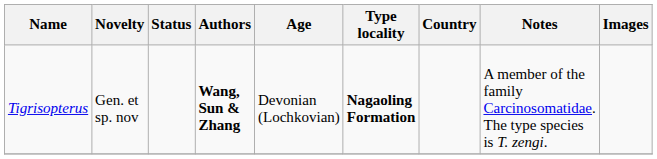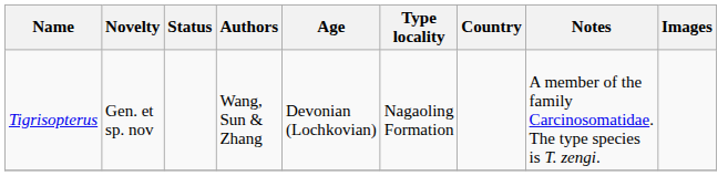 <table class="wikitable sortable" align="center" width="100%">
 <tr>
 <th>Name</th>
 <th>Novelty</th>
 <th>Status</th>
 <th>Authors</th>
 <th>Age</th>
 <th>Type locality</th>
 <th>Country</th>
 <th>Notes</th>
 <th>Images</th>
 </tr>
 <tr>
 <td><br><em><a href='#'>Tigrisopterus</a></em></td>
 <td><br>Gen. et sp. nov</td>
 <td></td>
-<td><strong><br>Wang, Sun & Zhang</strong></td>
+<td><br>Wang, Sun & Zhang</td>
 <td><br>Devonian (Lochkovian)</td>
-<td><strong><br>Nagaoling Formation</strong></td>
+<td><br>Nagaoling Formation</td>
 <td><br></td>
 <td><br>A member of the family <a href='#'>Carcinosomatidae</a>. The type species is <em>T. zengi</em>.</td>
 <td></td>
 </tr>
 <tr>
 </tr>
 </table>
